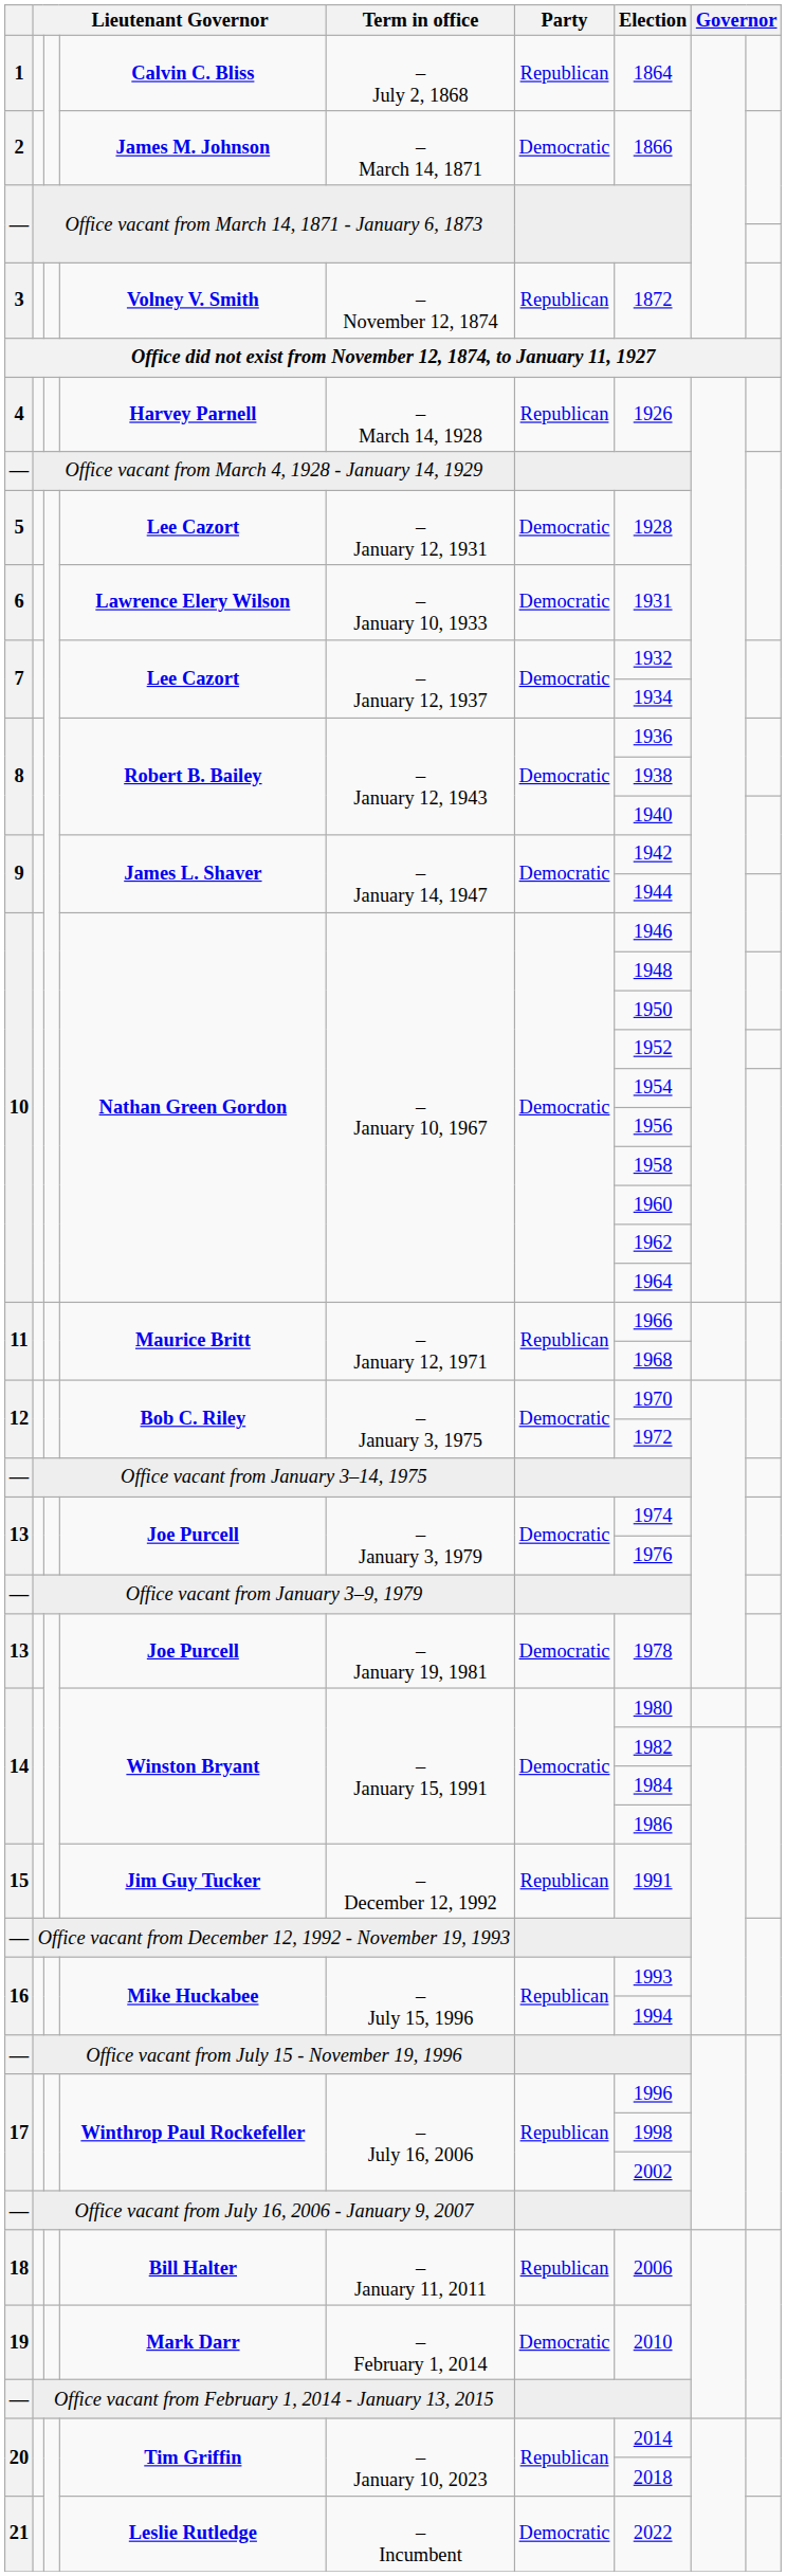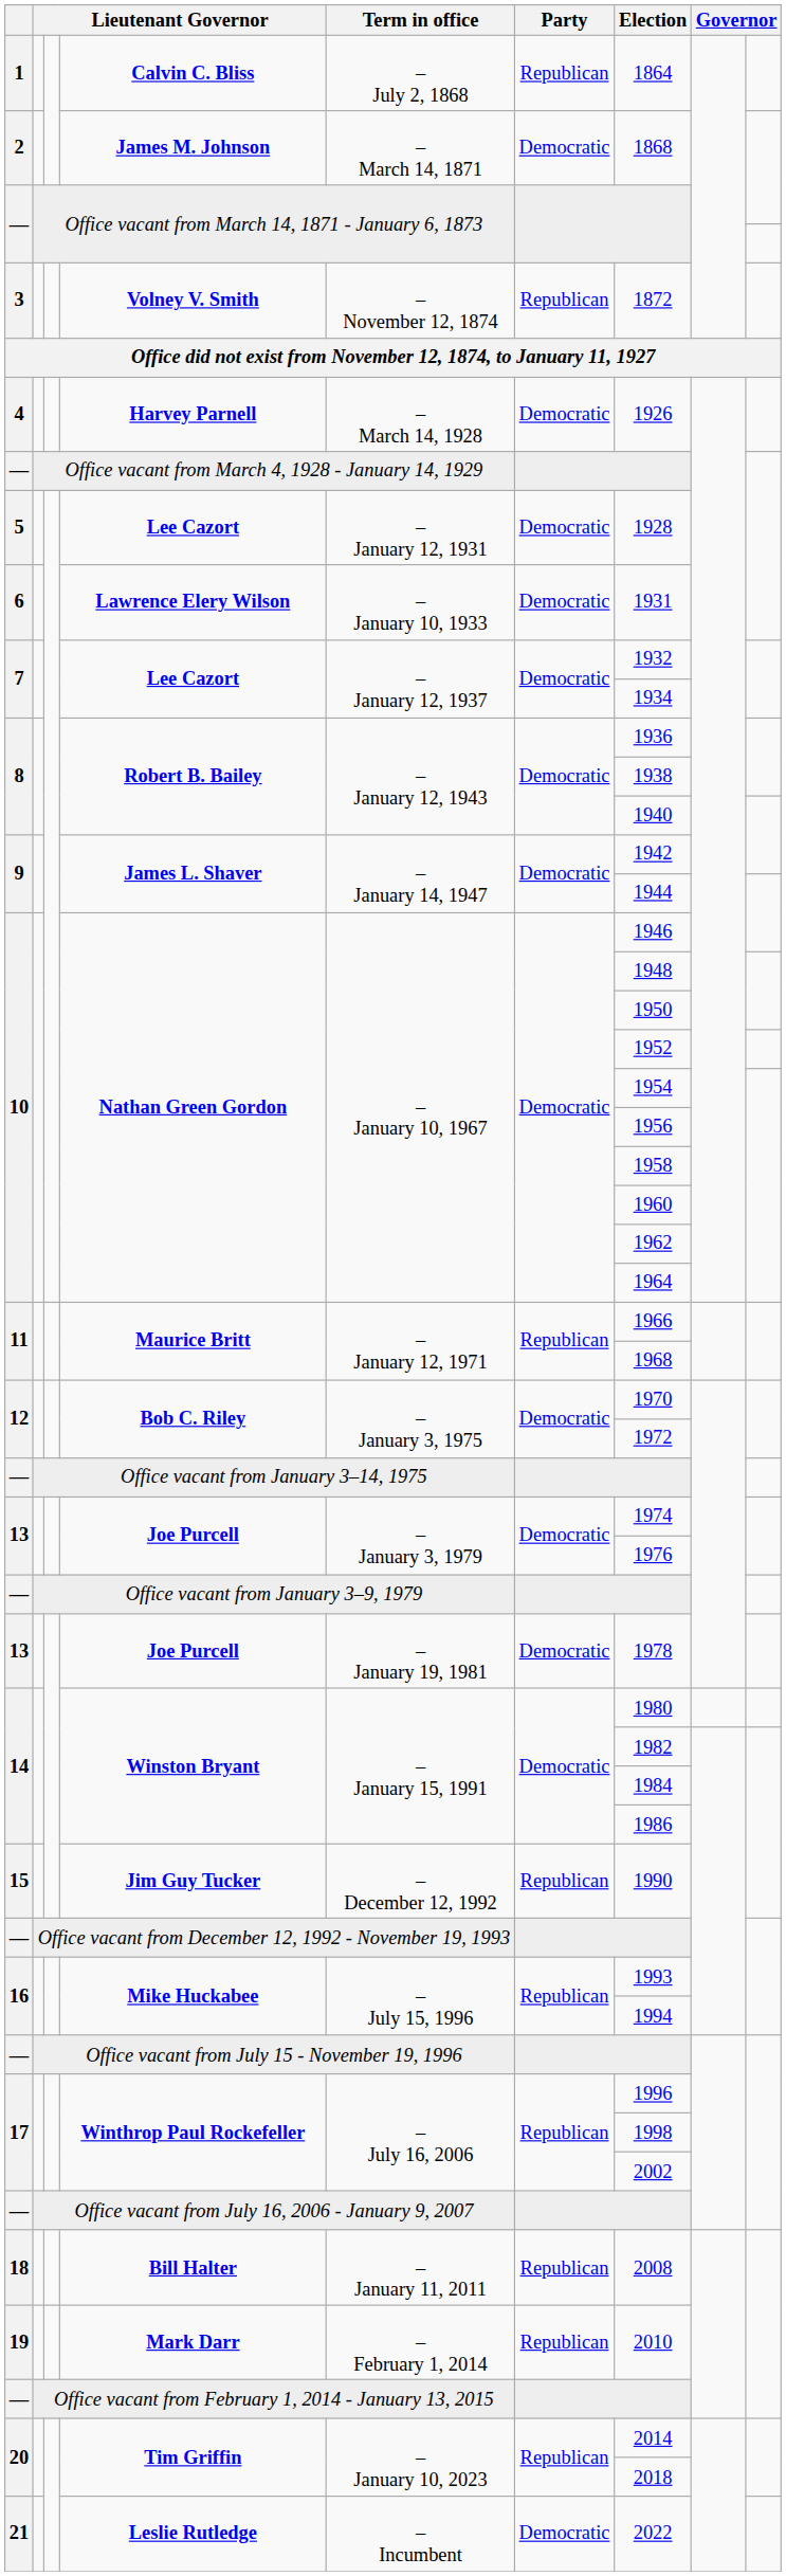 <table class="wikitable sortable" style="text-align:center;">
 <tr>
 <th scope="col" data-sort-type="number"></th>
 <th scope="col" colspan="3">Lieutenant Governor</th>
 <th scope="col">Term in office</th>
 <th scope="col">Party</th>
 <th scope="col">Election</th>
 <th scope="colgroup" colspan="2"><a href='#'>Governor</a></th>
 </tr>
 <tr style="height:2em;">
 <th scope="row">1</th>
 <td data-sort-value="Bliss, Calvin"></td>
 <td rowspan="2" style="background:"> </td>
 <td><strong><a href='#'>Calvin C. Bliss</a></strong><br></td>
 <td><br>–<br>July 2, 1868<br></td>
 <td><a href='#'>Republican</a></td>
 <td><a href='#'>1864</a></td>
 <td rowspan="5" style="background:"> </td>
 <td></td>
 </tr>
 <tr style="height:2em;">
 <th scope="row">2</th>
 <td data-sort-value="Johnson, James"></td>
 <td><strong><a href='#'>James M. Johnson</a></strong><br></td>
 <td><br>–<br>March 14, 1871<br></td>
 <td><a href='#'>Democratic</a></td>
-<td><a href='#'>1866</a></td>
+<td><a href='#'>1868</a></td>
 <td rowspan="2"><br></td>
 </tr>
 <tr style="height:2em;">
 <th rowspan="2" scope="row">—</th>
 <td colspan="4" rowspan="2" style="background:#EEEEEE;"><em>Office vacant from March 14, 1871 - January 6, 1873</em></td>
 <td rowspan="2" colspan="2" style="background:#EEEEEE;"></td>
 </tr>
 <tr style="height:2em;">
 <td></td>
 </tr>
 <tr style="height:2em;">
 <th scope="row">3</th>
 <td data-sort-value="Smith, Volney"></td>
 <td style="background:"></td>
 <td><strong><a href='#'>Volney V. Smith</a></strong><br></td>
 <td><br>–<br>November 12, 1874<br></td>
 <td><a href='#'>Republican</a></td>
 <td><a href='#'>1872</a></td>
 <td></td>
 </tr>
 <tr style="height:2em;">
 <th scope="row" colspan="9"><em>Office did not exist from November 12, 1874, to January 11, 1927</em></th>
 </tr>
 <tr style="height:2em;">
 <th scope="row">4</th>
 <td data-sort-value="Parnell, Harvey"></td>
 <td style="background:"></td>
 <td><strong><a href='#'>Harvey Parnell</a></strong><br></td>
 <td><br>–<br>March 14, 1928<br></td>
-<td><a href='#'>Republican</a></td>
+<td><a href='#'>Democratic</a></td>
 <td><a href='#'>1926</a></td>
 <td rowspan="21" style="background:"></td>
 <td><br></td>
 </tr>
 <tr style="height:2em;">
 <th scope="row">—</th>
 <td colspan="4" style="background:#EEEEEE;"><em>Office vacant from March 4, 1928 - January 14, 1929</em></td>
 <td colspan="2" style="background:#EEEEEE;"></td>
 <td rowspan="3"></td>
 </tr>
 <tr style="height:2em;">
 <th scope="row">5</th>
 <td data-sort-value="Cazort, Lee"></td>
 <td rowspan="19" style="background:"></td>
 <td><strong><a href='#'>Lee Cazort</a></strong><br></td>
 <td><br>–<br>January 12, 1931<br></td>
 <td><a href='#'>Democratic</a></td>
 <td><a href='#'>1928</a></td>
 </tr>
 <tr style="height:2em;">
 <th scope="row">6</th>
 <td data-sort-value="Wilson, Lawrence"></td>
 <td><strong><a href='#'>Lawrence Elery Wilson</a></strong><br></td>
 <td><br>–<br>January 10, 1933<br></td>
 <td><a href='#'>Democratic</a></td>
 <td><a href='#'>1931</a></td>
 </tr>
 <tr style="height:2em;">
 <th scope="rowgroup" rowspan="2">7</th>
 <td rowspan="2" data-sort-value="Cazort, Lee"></td>
 <td rowspan="2"><strong><a href='#'>Lee Cazort</a></strong><br></td>
 <td rowspan="2"><br>–<br>January 12, 1937<br></td>
 <td rowspan="2"><a href='#'>Democratic</a></td>
 <td><a href='#'>1932</a></td>
 <td rowspan="2"></td>
 </tr>
 <tr style="height:2em;">
 <td><a href='#'>1934</a></td>
 </tr>
 <tr style="height:2em;">
 <th scope="rowgroup" rowspan="3">8</th>
 <td rowspan="3" data-sort-value="Bailey, Robert"></td>
 <td rowspan="3"><strong><a href='#'>Robert B. Bailey</a></strong><br></td>
 <td rowspan="3"><br>–<br>January 12, 1943<br></td>
 <td rowspan="3"><a href='#'>Democratic</a></td>
 <td><a href='#'>1936</a></td>
 <td rowspan="2"></td>
 </tr>
 <tr style="height:2em;">
 <td><a href='#'>1938</a></td>
 </tr>
 <tr style="height:2em;">
 <td><a href='#'>1940</a></td>
 <td rowspan="2"></td>
 </tr>
 <tr style="height:2em;">
 <th scope="rowgroup" rowspan="2">9</th>
 <td rowspan="2" data-sort-value="Shaver, James"></td>
 <td rowspan="2"><strong><a href='#'>James L. Shaver</a></strong><br></td>
 <td rowspan="2"><br>–<br>January 14, 1947<br></td>
 <td rowspan="2"><a href='#'>Democratic</a></td>
 <td><a href='#'>1942</a></td>
 </tr>
 <tr style="height:2em;">
 <td><a href='#'>1944</a></td>
 <td rowspan="2"></td>
 </tr>
 <tr style="height:2em;">
 <th scope="rowgroup" rowspan="10">10</th>
 <td rowspan="10" data-sort-value="Gordon, Nathan"></td>
 <td rowspan="10"><strong><a href='#'>Nathan Green Gordon</a></strong><br></td>
 <td rowspan="10"><br>–<br>January 10, 1967<br></td>
 <td rowspan="10"><a href='#'>Democratic</a></td>
 <td><a href='#'>1946</a></td>
 </tr>
 <tr style="height:2em;">
 <td><a href='#'>1948</a></td>
 <td rowspan="2"></td>
 </tr>
 <tr style="height:2em;">
 <td><a href='#'>1950</a></td>
 </tr>
 <tr style="height:2em;">
 <td><a href='#'>1952</a></td>
 <td></td>
 </tr>
 <tr style="height:2em;">
 <td><a href='#'>1954</a></td>
 <td rowspan="6"></td>
 </tr>
 <tr style="height:2em;">
 <td><a href='#'>1956</a></td>
 </tr>
 <tr style="height:2em;">
 <td><a href='#'>1958</a></td>
 </tr>
 <tr style="height:2em;">
 <td><a href='#'>1960</a></td>
 </tr>
 <tr style="height:2em;">
 <td><a href='#'>1962</a></td>
 </tr>
 <tr style="height:2em;">
 <td><a href='#'>1964</a></td>
 </tr>
 <tr style="height:2em;">
 <th scope="rowgroup" rowspan="2">11</th>
 <td rowspan="2" data-sort-value="Britt, Maurice"></td>
 <td rowspan="2" style="background:"></td>
 <td rowspan="2"><strong><a href='#'>Maurice Britt</a></strong><br></td>
 <td rowspan="2"><br>–<br>January 12, 1971<br></td>
 <td rowspan="2"><a href='#'>Republican</a></td>
 <td><a href='#'>1966</a></td>
 <td rowspan="2" style="background:"></td>
 <td rowspan="2"></td>
 </tr>
 <tr style="height:2em;">
 <td><a href='#'>1968</a></td>
 </tr>
 <tr style="height:2em;">
 <th scope="rowgroup" rowspan="2">12</th>
 <td rowspan="2" data-sort-value="Riley, Bob"></td>
 <td rowspan="2" style="background:"></td>
 <td rowspan="2"><strong><a href='#'>Bob C. Riley</a></strong><br></td>
 <td rowspan="2"><br>–<br>January 3, 1975<br></td>
 <td rowspan="2"><a href='#'>Democratic</a></td>
 <td><a href='#'>1970</a></td>
 <td rowspan="7" style="background:"></td>
 <td rowspan="2"><br></td>
 </tr>
 <tr style="height:2em;">
 <td><a href='#'>1972</a></td>
 </tr>
 <tr style="height:2em;">
 <th scope="row">—</th>
 <td colspan="4" style="background:#EEEEEE;"><em>Office vacant from January 3–14, 1975</em></td>
 <td colspan="2" style="background:#EEEEEE;"></td>
 <td></td>
 </tr>
 <tr style="height:2em;">
 <th scope="rowgroup "rowspan="2">13</th>
 <td rowspan="2" data-sort-value="Purcell, Joe"></td>
 <td rowspan="2" style="background:"></td>
 <td rowspan="2"><strong><a href='#'>Joe Purcell</a></strong><br></td>
 <td rowspan="2"><br>–<br>January 3, 1979<br></td>
 <td rowspan="2"><a href='#'>Democratic</a></td>
 <td><a href='#'>1974</a></td>
 <td rowspan="2"><br></td>
 </tr>
 <tr style="height:2em;">
 <td><a href='#'>1976</a></td>
 </tr>
 <tr style="height:2em;">
 <th scope="row">—</th>
 <td colspan="4" style="background:#EEEEEE;"><em>Office vacant from January 3–9, 1979</em></td>
 <td colspan="2" style="background:#EEEEEE;"></td>
 <td></td>
 </tr>
 <tr style="height:2em;">
 <th scope="row">13</th>
 <td data-sort-value="Purcell, Joe"></td>
 <td rowspan="6" style="background:"></td>
 <td><strong><a href='#'>Joe Purcell</a></strong><br></td>
 <td><br>–<br>January 19, 1981<br></td>
 <td><a href='#'>Democratic</a></td>
 <td><a href='#'>1978</a></td>
 <td></td>
 </tr>
 <tr style="height:2em;">
 <th scope="rowgroup" rowspan="4">14</th>
 <td rowspan="4" data-sort-value="Bryant, Winston"></td>
 <td rowspan="4"><strong><a href='#'>Winston Bryant</a></strong><br></td>
 <td rowspan="4"><br>–<br>January 15, 1991<br></td>
 <td rowspan="4"><a href='#'>Democratic</a></td>
 <td><a href='#'>1980</a></td>
 <td style="background:"></td>
 <td></td>
 </tr>
 <tr style="height:2em;">
 <td><a href='#'>1982</a></td>
 <td rowspan="7" style="background:"></td>
 <td rowspan="4"><br></td>
 </tr>
 <tr style="height:2em;">
 <td><a href='#'>1984</a></td>
 </tr>
 <tr style="height:2em;">
 <td><a href='#'>1986</a></td>
 </tr>
 <tr style="height:2em;">
 <th scope="row">15</th>
 <td data-sort-value="Tucker, Jim"></td>
 <td><strong><a href='#'>Jim Guy Tucker</a></strong><br></td>
 <td><br>–<br>December 12, 1992<br></td>
 <td><a href='#'>Republican</a></td>
-<td><a href='#'>1991</a></td>
+<td><a href='#'>1990</a></td>
 </tr>
 <tr style="height:2em;">
 <th scope="row">—</th>
 <td colspan="4" style="background:#EEEEEE;"><em>Office vacant from December 12, 1992 - November 19, 1993</em></td>
 <td colspan="2" style="background:#EEEEEE;"></td>
 <td rowspan="3"><br></td>
 </tr>
 <tr style="height:2em;">
 <th scope="rowgroup" rowspan="2">16</th>
 <td rowspan="2" data-sort-value="Huckabee, Mike"></td>
 <td rowspan="2" style="background:"></td>
 <td rowspan="2"><strong><a href='#'>Mike Huckabee</a></strong><br></td>
 <td rowspan="2"><br>–<br>July 15, 1996<br></td>
 <td rowspan="2"><a href='#'>Republican</a></td>
 <td><a href='#'>1993</a><br></td>
 </tr>
 <tr style="height:2em;">
 <td><a href='#'>1994</a></td>
 </tr>
 <tr style="height:2em;">
 <th scope="row">—</th>
 <td colspan="4" style="background:#EEEEEE;"><em>Office vacant from July 15 - November 19, 1996</em></td>
 <td colspan="2" style="background:#EEEEEE;"></td>
 <td rowspan="5" style="background:"></td>
 <td rowspan="5"></td>
 </tr>
 <tr style="height:2em;">
 <th scope="rowgroup" rowspan="3">17</th>
 <td rowspan="3" data-sort-value="Rockefeller, Winthrop"></td>
 <td rowspan="3" style="background:"></td>
 <td rowspan="3"><strong><a href='#'>Winthrop Paul Rockefeller</a></strong><br></td>
 <td rowspan="3"><br>–<br>July 16, 2006<br></td>
 <td rowspan="3"><a href='#'>Republican</a></td>
 <td><a href='#'>1996</a><br></td>
 </tr>
 <tr style="height:2em;">
 <td><a href='#'>1998</a></td>
 </tr>
 <tr style="height:2em;">
 <td><a href='#'>2002</a></td>
 </tr>
 <tr style="height:2em;">
 <th scope="row">—</th>
 <td colspan="4" style="background:#EEEEEE;"><em>Office vacant from July 16, 2006 - January 9, 2007</em></td>
 <td colspan="2" style="background:#EEEEEE;"></td>
 </tr>
 <tr style="height:2em;">
 <th scope="row">18</th>
 <td data-sort-value="Halter, Bill"></td>
 <td style="background:"></td>
 <td><strong><a href='#'>Bill Halter</a></strong><br></td>
 <td><br>–<br>January 11, 2011<br></td>
 <td><a href='#'>Republican</a></td>
-<td><a href='#'>2006</a></td>
+<td><a href='#'>2008</a></td>
 <td rowspan="3" style="background:"></td>
 <td rowspan="3"></td>
 </tr>
 <tr style="height:2em;">
 <th scope="row">19</th>
 <td data-sort-value="Darr, Mark"></td>
 <td style="background:"></td>
 <td><strong><a href='#'>Mark Darr</a></strong><br></td>
 <td><br>–<br>February 1, 2014<br></td>
-<td><a href='#'>Democratic</a></td>
+<td><a href='#'>Republican</a></td>
 <td><a href='#'>2010</a></td>
 </tr>
 <tr style="height:2em;">
 <th scope="row">—</th>
 <td colspan="4" style="background:#EEEEEE;"><em>Office vacant from February 1, 2014 - January 13, 2015</em></td>
 <td colspan="2" style="background:#EEEEEE;"></td>
 </tr>
 <tr style="height:2em;">
 <th scope="rowgroup" rowspan="2">20</th>
 <td rowspan="2" data-sort-value="Griffin, Tim"></td>
 <td rowspan="3" style="background:"></td>
 <td rowspan="2"><strong><a href='#'>Tim Griffin</a></strong><br></td>
 <td rowspan="2"><br>–<br>January 10, 2023<br></td>
 <td rowspan="2"><a href='#'>Republican</a></td>
 <td><a href='#'>2014</a></td>
 <td rowspan="3" style="background:"></td>
 <td rowspan="2"></td>
 </tr>
 <tr style="height:2em;">
 <td><a href='#'>2018</a></td>
 </tr>
 <tr style="height:2em;">
 <th scope="row">21</th>
 <td data-sort-value="Rutledge, Leslie"></td>
 <td><strong><a href='#'>Leslie Rutledge</a></strong><br></td>
 <td><br>–<br>Incumbent</td>
 <td><a href='#'>Democratic</a></td>
 <td><a href='#'>2022</a></td>
 <td></td>
 </tr>
 </table>
